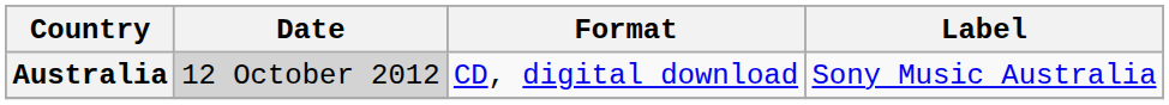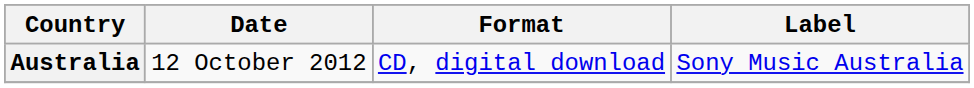 <table class="wikitable plainrowheaders">
 <tr>
 <th scope="col">Country</th>
 <th scope="col">Date</th>
 <th scope="col">Format</th>
 <th scope="col">Label</th>
 </tr>
 <tr>
 <th scope="row">Australia</th>
-<td style="background: lightgrey;">12 October 2012</td>
+<td>12 October 2012</td>
 <td><a href='#'>CD</a>, <a href='#'>digital download</a></td>
 <td><a href='#'>Sony Music Australia</a></td>
 </tr>
 <tr>
 </tr>
 </table>
